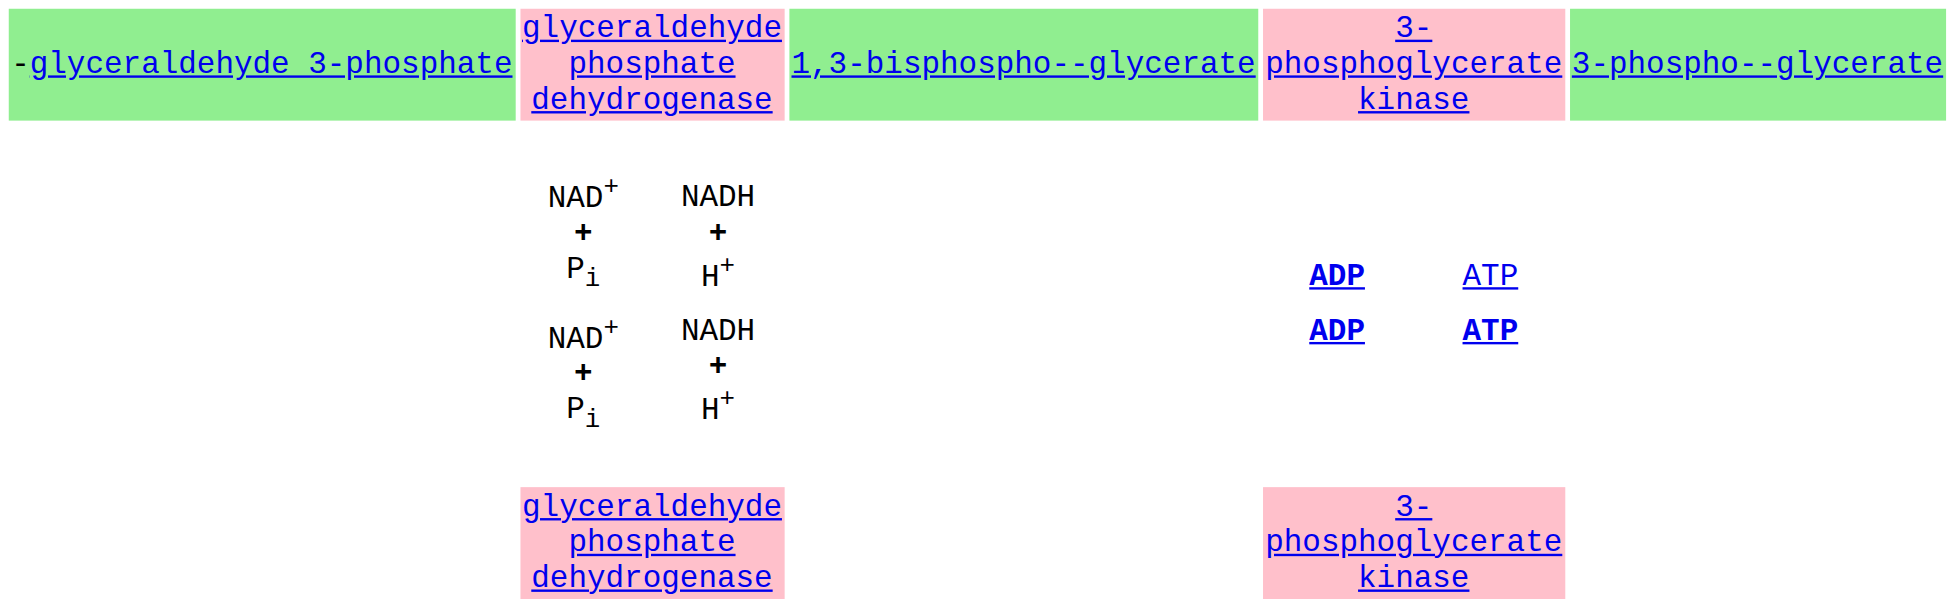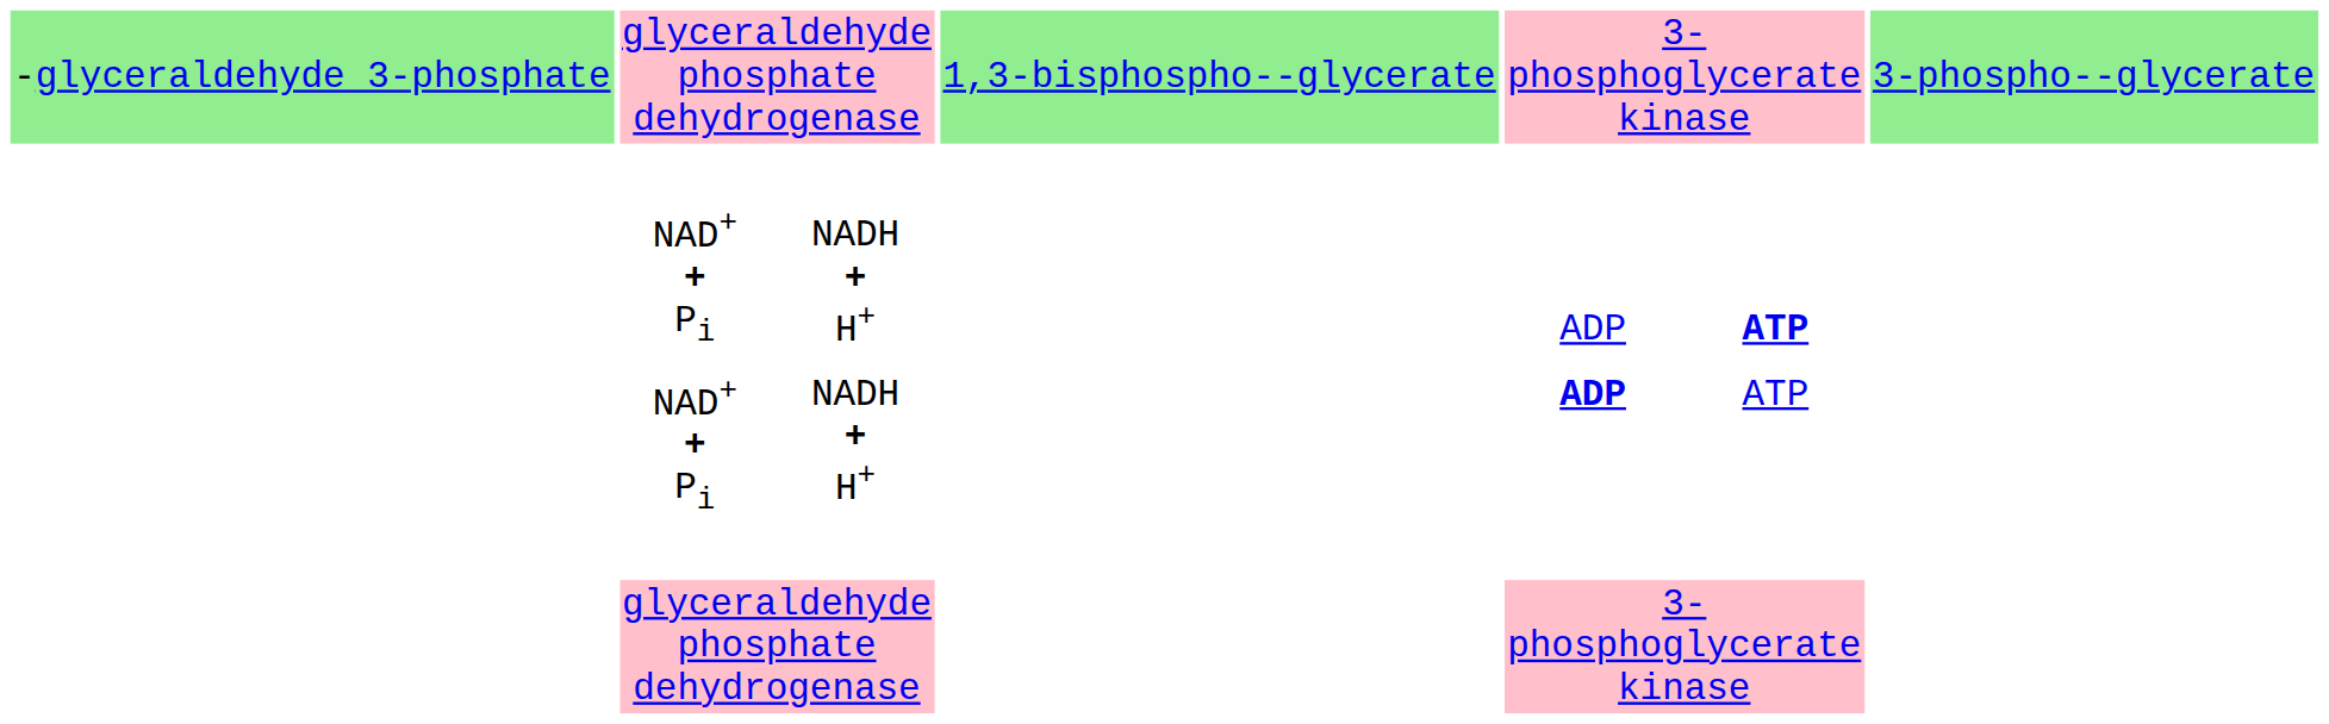 <table style="background: white; text-align:center;">
 <tr>
 <td style="background:lightgreen">-<a href='#'>glyceraldehyde 3-phosphate</a></td>
 <td colspan="2" style="background:pink; width:75px"><a href='#'>glyceraldehyde phosphate dehydrogenase</a></td>
 <td style="background:lightgreen"><a href='#'>1,3-bisphospho--glycerate</a></td>
 <td colspan="2" style="background:pink; width:75px"><a href='#'>3-phosphoglycerate kinase</a></td>
 <td style="background:lightgreen"><a href='#'>3-phospho--glycerate</a></td>
 </tr>
 <tr>
 <td rowspan="5"></td>
 <td colspan="2" style="width:75px"> </td>
 <td rowspan="5"></td>
 <td colspan="2" style="width:75px"> </td>
 <td rowspan="5"></td>
 </tr>
 <tr style="vertical-align: bottom;">
 <td>NAD<sup>+</sup><br><strong>+</strong><br>P<sub>i</sub></td>
 <td>NADH<br><strong>+</strong><br>H<sup>+</sup></td>
-<td><strong><a href='#'>ADP</a></strong></td>
-<td><a href='#'>ATP</a></td>
+<td><a href='#'>ADP</a></td>
+<td><strong><a href='#'>ATP</a></strong></td>
 </tr>
 <tr>
 <td colspan="2" style="width:75px"></td>
 <td colspan="2" style="width:75px"></td>
 </tr>
 <tr style="vertical-align: top;">
 <td>NAD<sup>+</sup><br><strong>+</strong><br>P<sub>i</sub></td>
 <td>NADH<br><strong>+</strong><br>H<sup>+</sup></td>
 <td><strong><a href='#'>ADP</a></strong></td>
-<td><strong><a href='#'>ATP</a></strong></td>
+<td><a href='#'>ATP</a></td>
 </tr>
 <tr>
 <td colspan="2" style="width:75px"> </td>
 <td colspan="2" style="width:75px"> </td>
 </tr>
 <tr>
 <td> </td>
 <td colspan="2" style="background:pink; width:75px"><a href='#'>glyceraldehyde phosphate dehydrogenase</a></td>
 <td> </td>
 <td colspan="2" style="background:pink; width:75px"><a href='#'>3-phosphoglycerate kinase</a></td>
 <td align="right"></td>
 </tr>
 </table>
